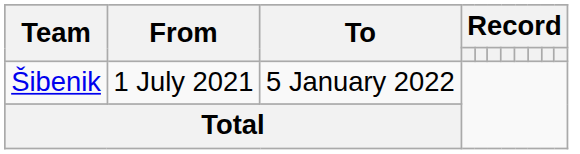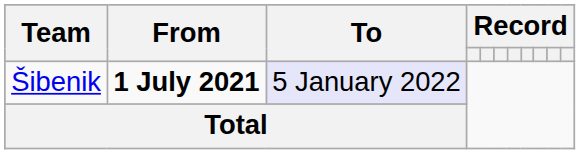 <table class="wikitable" tyle="text-align: center">
 <tr>
 <th rowspan="2">Team</th>
 <th rowspan="2">From</th>
 <th rowspan="2">To</th>
 <th colspan="8">Record</th>
 </tr>
 <tr>
 <th></th>
 <th></th>
 <th></th>
 <th></th>
 <th></th>
 <th></th>
 <th></th>
 <th></th>
 </tr>
 <tr>
 <td align="left"><a href='#'>Šibenik</a></td>
-<td align="left">1 July 2021</td>
-<td align="left">5 January 2022<br></td>
+<td align="left"><strong>1 July 2021</strong></td>
+<td align="left" style="background: lavender;">5 January 2022<br></td>
 </tr>
 <tr>
 <th colspan="3">Total<br></th>
 </tr>
 </table>
